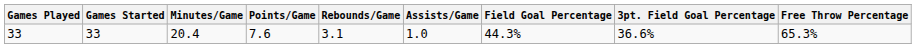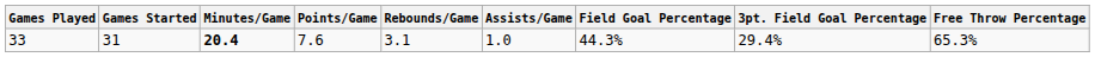 <table class="wikitable">
 <tr>
 <th><small>Games Played</small></th>
 <th><small>Games Started</small></th>
 <th><small>Minutes/Game</small></th>
 <th><small>Points/Game</small></th>
 <th><small>Rebounds/Game</small></th>
 <th><small>Assists/Game</small></th>
 <th><small>Field Goal Percentage</small></th>
 <th><small>3pt. Field Goal Percentage</small></th>
 <th><small>Free Throw Percentage</small></th>
 </tr>
 <tr>
 <td>33</td>
-<td>33</td>
-<td>20.4</td>
+<td>31</td>
+<td><strong>20.4</strong></td>
 <td>7.6</td>
 <td>3.1</td>
 <td>1.0</td>
 <td>44.3%</td>
-<td>36.6%</td>
+<td>29.4%</td>
 <td>65.3%</td>
 </tr>
 </table>
